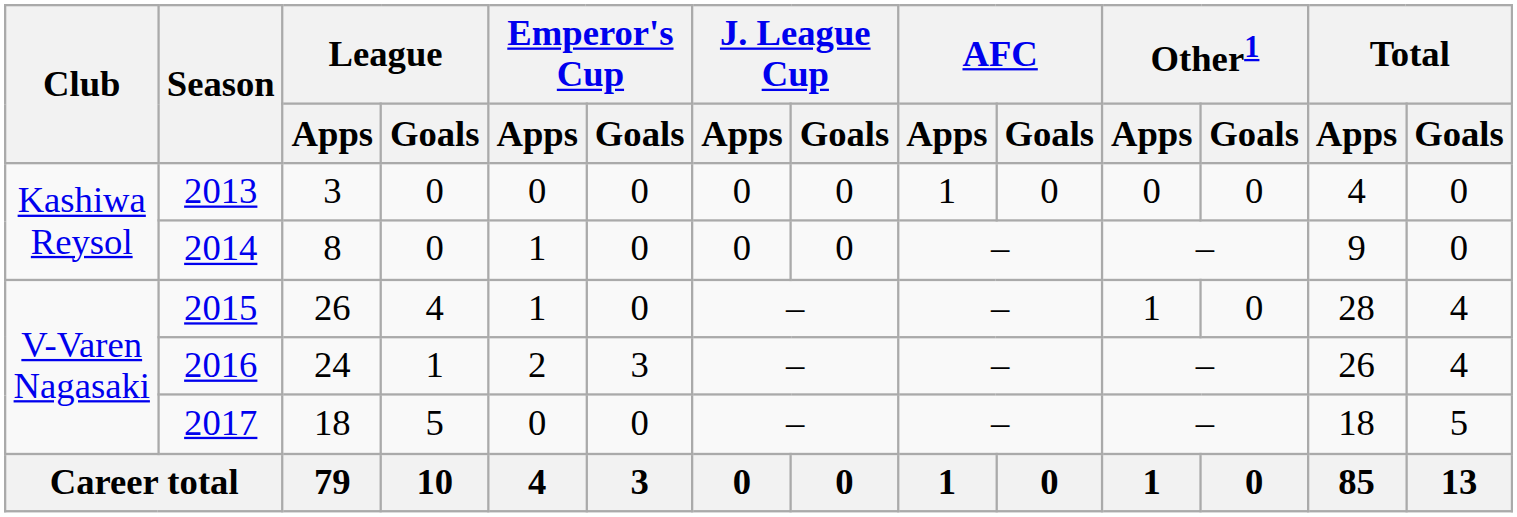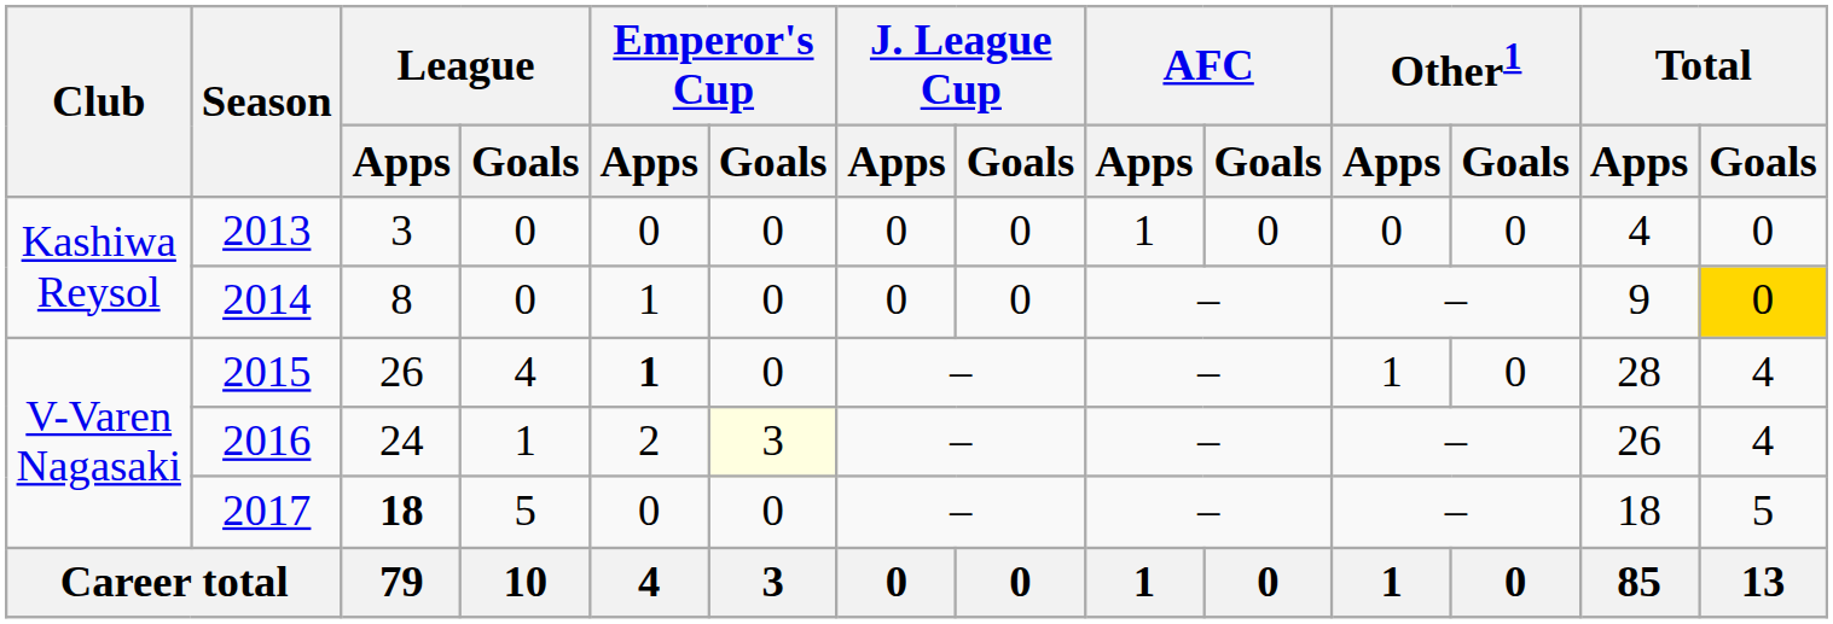 <table class="wikitable" style="text-align:center;">
 <tr>
 <th rowspan="2">Club</th>
 <th rowspan="2">Season</th>
 <th colspan="2">League</th>
 <th colspan="2"><a href='#'>Emperor's Cup</a></th>
 <th colspan="2"><a href='#'>J. League Cup</a></th>
 <th colspan="2"><a href='#'>AFC</a></th>
 <th colspan="2">Other<sup><a href='#'>1</a></sup></th>
 <th colspan="2">Total</th>
 </tr>
 <tr>
 <th>Apps</th>
 <th>Goals</th>
 <th>Apps</th>
 <th>Goals</th>
 <th>Apps</th>
 <th>Goals</th>
 <th>Apps</th>
 <th>Goals</th>
 <th>Apps</th>
 <th>Goals</th>
 <th>Apps</th>
 <th>Goals</th>
 </tr>
 <tr>
 <td rowspan="2"><a href='#'>Kashiwa Reysol</a></td>
 <td><a href='#'>2013</a></td>
 <td>3</td>
 <td>0</td>
 <td>0</td>
 <td>0</td>
 <td>0</td>
 <td>0</td>
 <td>1</td>
 <td>0</td>
 <td>0</td>
 <td>0</td>
 <td>4</td>
 <td>0</td>
 </tr>
 <tr>
 <td><a href='#'>2014</a></td>
 <td>8</td>
 <td>0</td>
 <td>1</td>
 <td>0</td>
 <td>0</td>
 <td>0</td>
 <td colspan="2">–</td>
 <td colspan="2">–</td>
 <td>9</td>
-<td>0</td>
+<td style="background: gold;">0</td>
 </tr>
 <tr>
 <td rowspan="3"><a href='#'>V-Varen Nagasaki</a></td>
 <td><a href='#'>2015</a></td>
 <td>26</td>
 <td>4</td>
-<td>1</td>
+<td><strong>1</strong></td>
 <td>0</td>
 <td colspan="2">–</td>
 <td colspan="2">–</td>
 <td>1</td>
 <td>0</td>
 <td>28</td>
 <td>4</td>
 </tr>
 <tr>
 <td><a href='#'>2016</a></td>
 <td>24</td>
 <td>1</td>
 <td>2</td>
-<td>3</td>
+<td style="background: lightyellow;">3</td>
 <td colspan="2">–</td>
 <td colspan="2">–</td>
 <td colspan="2">–</td>
 <td>26</td>
 <td>4</td>
 </tr>
 <tr>
 <td><a href='#'>2017</a></td>
-<td>18</td>
+<td><strong>18</strong></td>
 <td>5</td>
 <td>0</td>
 <td>0</td>
 <td colspan="2">–</td>
 <td colspan="2">–</td>
 <td colspan="2">–</td>
 <td>18</td>
 <td>5</td>
 </tr>
 <tr>
 <th colspan="2">Career total</th>
 <th>79</th>
 <th>10</th>
 <th>4</th>
 <th>3</th>
 <th>0</th>
 <th>0</th>
 <th>1</th>
 <th>0</th>
 <th>1</th>
 <th>0</th>
 <th>85</th>
 <th>13</th>
 </tr>
 </table>
